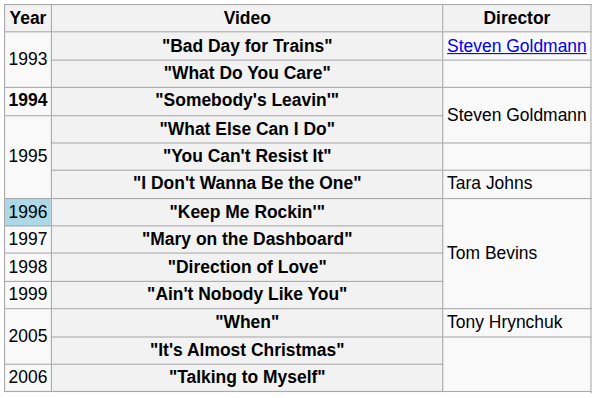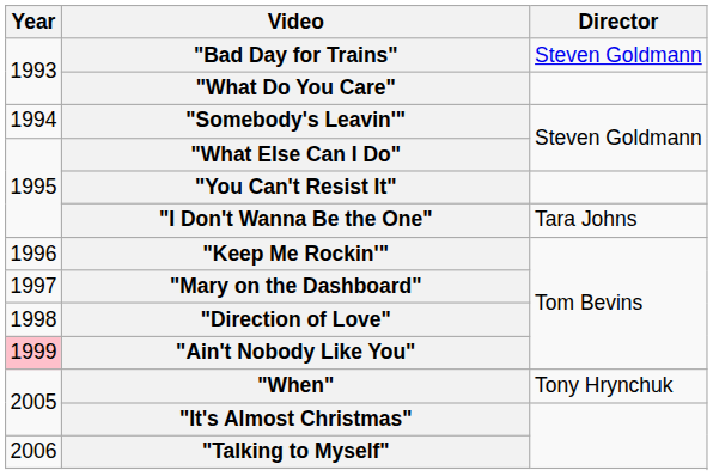 <table class="wikitable plainrowheaders">
 <tr>
 <th>Year</th>
 <th style="width:22em;">Video</th>
 <th>Director</th>
 </tr>
 <tr>
 <td rowspan="2">1993</td>
 <th scope="row">"Bad Day for Trains"</th>
 <td><a href='#'>Steven Goldmann</a></td>
 </tr>
 <tr>
 <th scope="row">"What Do You Care"</th>
 </tr>
 <tr>
-<td><strong>1994</strong></td>
+<td>1994</td>
 <th scope="row">"Somebody's Leavin'"</th>
 <td rowspan="2">Steven Goldmann</td>
 </tr>
 <tr>
 <td rowspan="3">1995</td>
 <th scope="row">"What Else Can I Do"</th>
 </tr>
 <tr>
 <th scope="row">"You Can't Resist It"</th>
 </tr>
 <tr>
 <th scope="row">"I Don't Wanna Be the One"</th>
 <td>Tara Johns</td>
 </tr>
 <tr>
-<td style="background: lightblue;">1996</td>
+<td>1996</td>
 <th scope="row">"Keep Me Rockin'"</th>
 <td rowspan="4">Tom Bevins</td>
 </tr>
 <tr>
 <td>1997</td>
 <th scope="row">"Mary on the Dashboard"</th>
 </tr>
 <tr>
 <td>1998</td>
 <th scope="row">"Direction of Love"</th>
 </tr>
 <tr>
-<td>1999</td>
+<td style="background: pink;">1999</td>
 <th scope="row">"Ain't Nobody Like You"</th>
 </tr>
 <tr>
 <td rowspan="2">2005</td>
 <th scope="row">"When"</th>
 <td>Tony Hrynchuk</td>
 </tr>
 <tr>
 <th scope="row">"It's Almost Christmas"</th>
 </tr>
 <tr>
 <td>2006</td>
 <th scope="row">"Talking to Myself"</th>
 </tr>
 <tr>
 </tr>
 </table>
